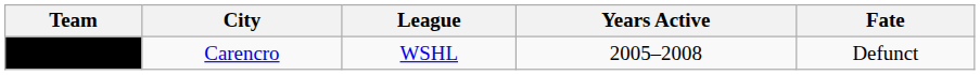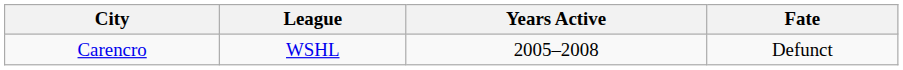 <table class="wikitable sortable" width="60%">
 <tr>
-<th>Team</th>
 <th>City</th>
 <th>League</th>
 <th>Years Active</th>
 <th>Fate</th>
 </tr>
 <tr align=center>
-<td style="color:white; background:#000000; "><strong><a href='#'></a></strong></td>
 <td><a href='#'>Carencro</a></td>
 <td><a href='#'>WSHL</a></td>
 <td>2005–2008</td>
 <td>Defunct</td>
 </tr>
 </table>
